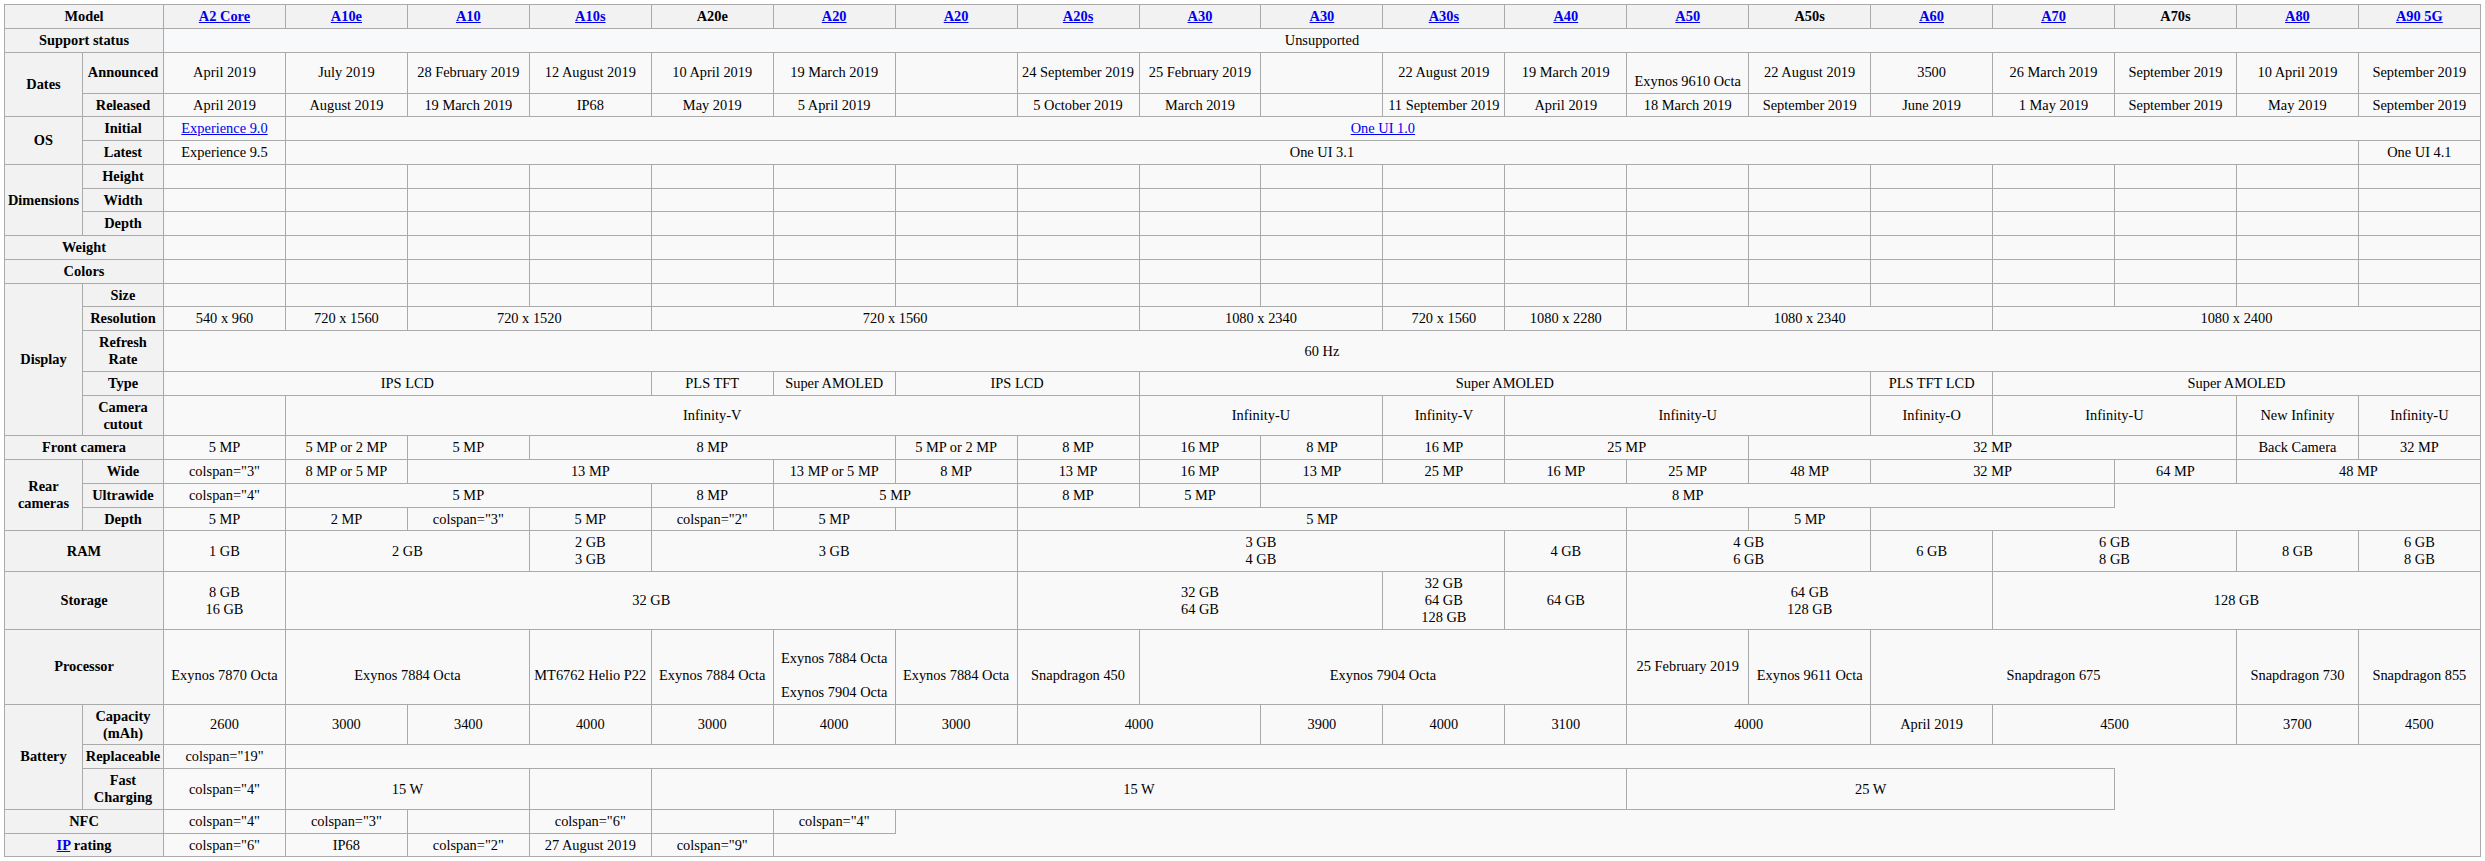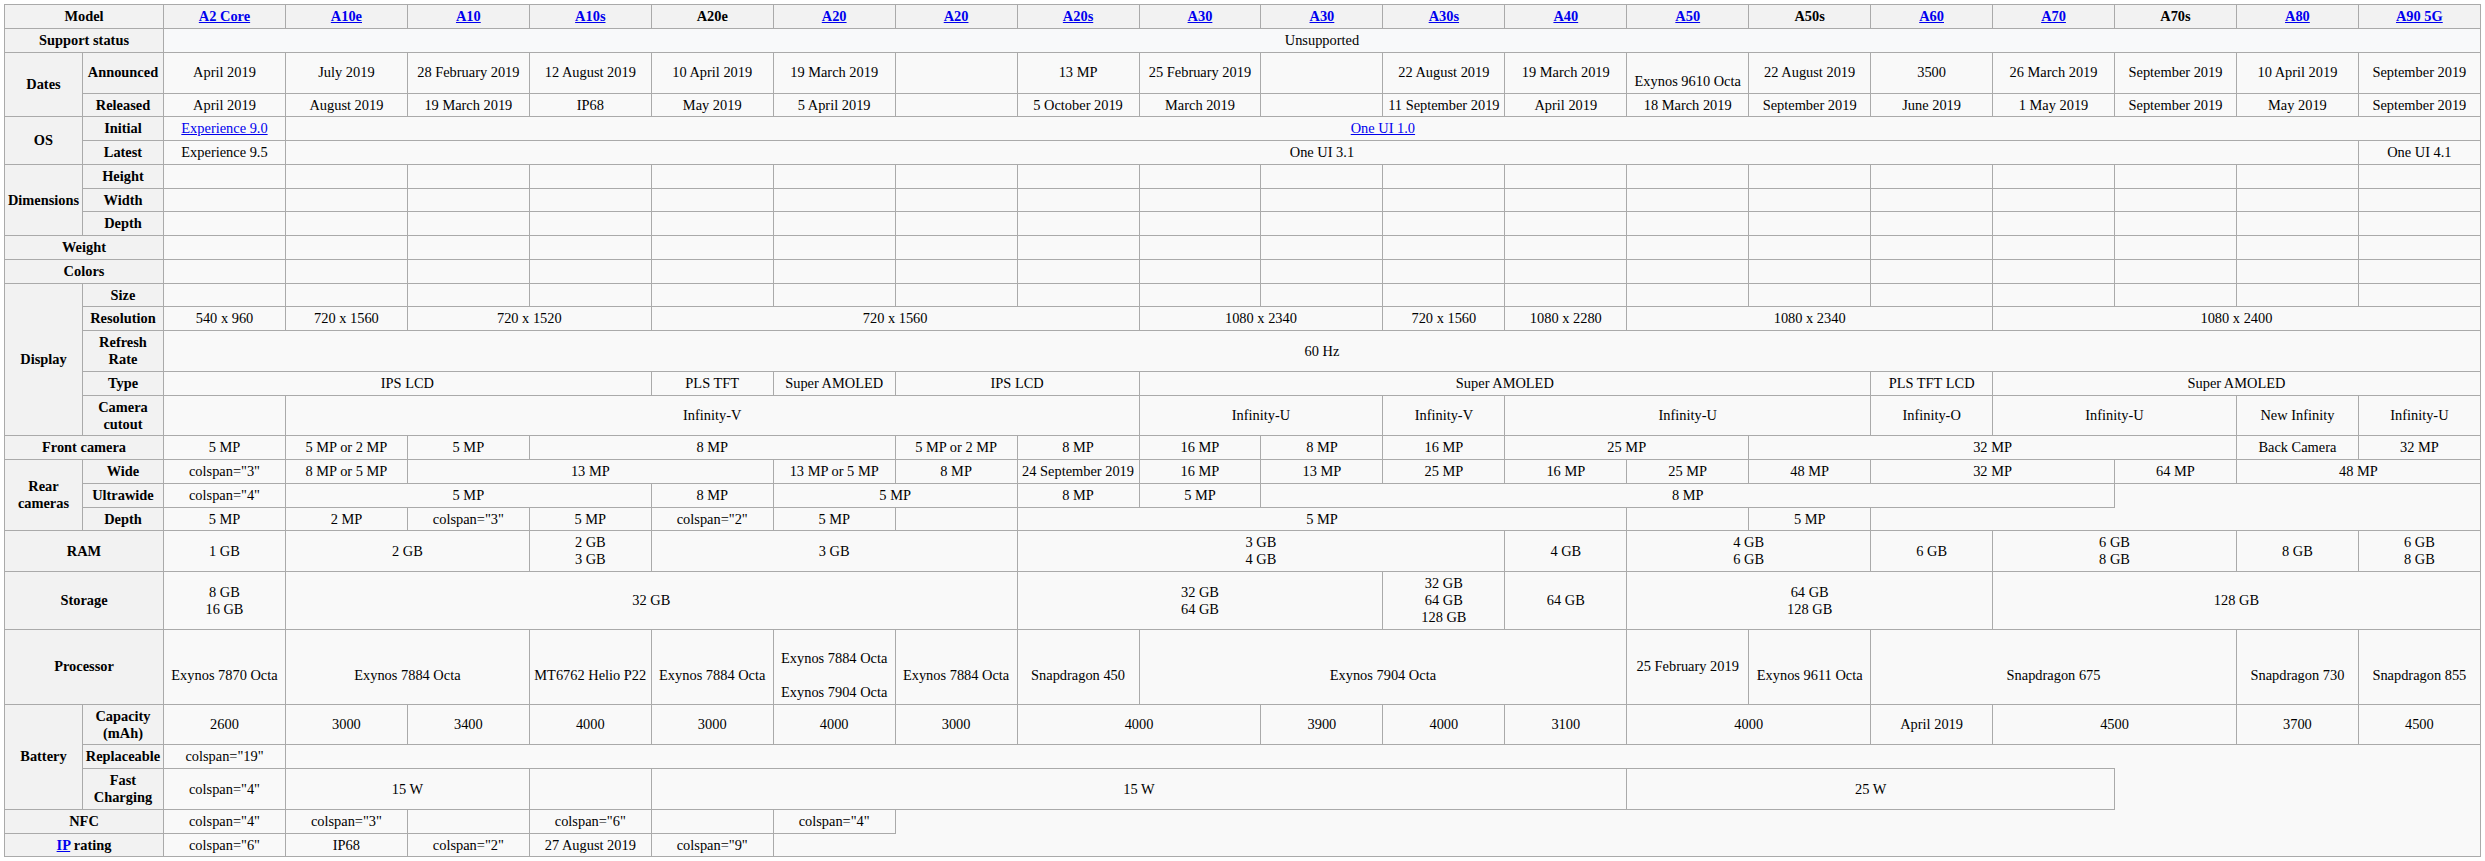 <table class="wikitable" style="text-align:center; font-size:90%;">
 <tr>
 <th colspan="2">Model</th>
 <th style="min-width: 8em"><a href='#'>A2 Core</a></th>
 <th style="min-width: 8em"><a href='#'>A10e</a></th>
 <th style="min-width: 8em"><a href='#'>A10</a></th>
 <th style="min-width: 8em"><a href='#'>A10s</a></th>
 <th style="min-width: 8em">A20e</th>
 <th style="min-width: 8em"><a href='#'>A20</a></th>
 <th style="min-width: 8em"><a href='#'>A20</a><br></th>
 <th style="min-width: 8em"><a href='#'>A20s</a></th>
 <th style="min-width: 8em"><a href='#'>A30</a></th>
 <th style="min-width: 8em"><a href='#'>A30</a><br></th>
 <th style="min-width: 8em"><a href='#'>A30s</a></th>
 <th style="min-width: 8em"><a href='#'>A40</a></th>
 <th style="min-width: 8em"><a href='#'>A50</a></th>
 <th style="min-width: 8em">A50s</th>
 <th style="min-width: 8em"><a href='#'>A60</a></th>
 <th style="min-width: 8em"><a href='#'>A70</a></th>
 <th style="min-width: 8em">A70s</th>
 <th style="min-width: 8em"><a href='#'>A80</a></th>
 <th style="min-width: 8em"><a href='#'>A90 5G</a></th>
 </tr>
 <tr>
 <th colspan="2">Support status</th>
 <td style="background:#f8f9fa" colspan="19">Unsupported</td>
 </tr>
 <tr>
 <th rowspan="2">Dates</th>
 <th>Announced</th>
 <td>April 2019</td>
 <td>July 2019</td>
 <td>28 February 2019</td>
 <td>12 August 2019</td>
 <td>10 April 2019</td>
 <td>19 March 2019</td>
 <td></td>
-<td>24 September 2019</td>
+<td>13 MP</td>
 <td>25 February 2019</td>
 <td></td>
 <td>22 August 2019</td>
 <td>19 March 2019</td>
 <td><br>Exynos 9610 Octa</td>
 <td>22 August 2019</td>
 <td>3500</td>
 <td>26 March 2019</td>
 <td>September 2019</td>
 <td>10 April 2019</td>
 <td>September 2019</td>
 </tr>
 <tr>
 <th>Released</th>
 <td>April 2019</td>
 <td>August 2019</td>
 <td>19 March 2019</td>
 <td>IP68</td>
 <td>May 2019</td>
 <td>5 April 2019</td>
 <td></td>
 <td>5 October 2019</td>
 <td>March 2019</td>
 <td></td>
 <td>11 September 2019</td>
 <td>April 2019</td>
 <td>18 March 2019</td>
 <td>September 2019</td>
 <td>June 2019</td>
 <td>1 May 2019</td>
 <td>September 2019</td>
 <td>May 2019</td>
 <td>September 2019</td>
 </tr>
 <tr>
 <th rowspan="2">OS</th>
 <th>Initial</th>
 <td><a href='#'>Experience 9.0</a><br></td>
 <td colspan="18"><a href='#'>One UI 1.0</a><br></td>
 </tr>
 <tr>
 <th>Latest</th>
 <td>Experience 9.5<br></td>
 <td colspan="17">One UI 3.1<br></td>
 <td>One UI 4.1<br></td>
 </tr>
 <tr>
 <th rowspan="3">Dimensions<br></th>
 <th>Height</th>
 <td></td>
 <td></td>
 <td></td>
 <td></td>
 <td></td>
 <td></td>
 <td></td>
 <td></td>
 <td></td>
 <td></td>
 <td></td>
 <td></td>
 <td></td>
 <td></td>
 <td></td>
 <td></td>
 <td></td>
 <td></td>
 <td></td>
 </tr>
 <tr>
 <th>Width</th>
 <td></td>
 <td></td>
 <td></td>
 <td></td>
 <td></td>
 <td></td>
 <td></td>
 <td></td>
 <td></td>
 <td></td>
 <td></td>
 <td></td>
 <td></td>
 <td></td>
 <td></td>
 <td></td>
 <td></td>
 <td></td>
 <td></td>
 </tr>
 <tr>
 <th>Depth</th>
 <td></td>
 <td></td>
 <td></td>
 <td></td>
 <td></td>
 <td></td>
 <td></td>
 <td></td>
 <td></td>
 <td></td>
 <td></td>
 <td></td>
 <td></td>
 <td></td>
 <td></td>
 <td></td>
 <td></td>
 <td></td>
 <td></td>
 </tr>
 <tr>
 <th colspan="2">Weight<br></th>
 <td></td>
 <td></td>
 <td></td>
 <td></td>
 <td></td>
 <td></td>
 <td></td>
 <td></td>
 <td></td>
 <td></td>
 <td></td>
 <td></td>
 <td></td>
 <td></td>
 <td></td>
 <td></td>
 <td></td>
 <td></td>
 <td></td>
 </tr>
 <tr>
 <th colspan="2">Colors</th>
 <td>   </td>
 <td></td>
 <td>   </td>
 <td>   </td>
 <td>   </td>
 <td>    </td>
 <td>  </td>
 <td>   </td>
 <td>   </td>
 <td></td>
 <td>   </td>
 <td>   </td>
 <td>   </td>
 <td>   </td>
 <td>     </td>
 <td>   </td>
 <td>  </td>
 <td>  </td>
 <td> </td>
 </tr>
 <tr>
 <th rowspan="5">Display</th>
 <th>Size</th>
 <td></td>
 <td></td>
 <td></td>
 <td></td>
 <td></td>
 <td></td>
 <td></td>
 <td></td>
 <td></td>
 <td></td>
 <td></td>
 <td></td>
 <td></td>
 <td></td>
 <td></td>
 <td></td>
 <td></td>
 <td></td>
 <td></td>
 </tr>
 <tr>
 <th>Resolution</th>
 <td>540 x 960</td>
 <td>720 x 1560</td>
 <td colspan="2">720 x 1520</td>
 <td colspan="4">720 x 1560</td>
 <td colspan="2">1080 x 2340</td>
 <td>720 x 1560</td>
 <td>1080 x 2280</td>
 <td colspan="3">1080 x 2340</td>
 <td colspan="4">1080 x 2400</td>
 </tr>
 <tr>
 <th>Refresh Rate</th>
 <td colspan="19">60 Hz</td>
 </tr>
 <tr>
 <th>Type</th>
 <td colspan="4">IPS LCD</td>
 <td>PLS TFT</td>
 <td>Super AMOLED</td>
 <td colspan="2">IPS LCD</td>
 <td colspan="6">Super AMOLED</td>
 <td>PLS TFT LCD</td>
 <td colspan="4">Super AMOLED</td>
 </tr>
 <tr>
 <th>Camera cutout</th>
 <td></td>
 <td colspan="7">Infinity-V</td>
 <td colspan="2">Infinity-U</td>
 <td>Infinity-V</td>
 <td colspan="3">Infinity-U</td>
 <td>Infinity-O</td>
 <td colspan="2">Infinity-U</td>
 <td>New Infinity</td>
 <td>Infinity-U</td>
 </tr>
 <tr>
 <th colspan="2">Front camera</th>
 <td>5 MP</td>
 <td>5 MP or 2 MP</td>
 <td>5 MP</td>
 <td colspan="3">8 MP</td>
 <td>5 MP or 2 MP</td>
 <td>8 MP</td>
 <td>16 MP</td>
 <td>8 MP</td>
 <td>16 MP</td>
 <td colspan="2">25 MP</td>
 <td colspan="4">32 MP</td>
 <td>Back Camera</td>
 <td>32 MP</td>
 </tr>
 <tr>
 <th rowspan="3">Rear cameras</th>
 <th>Wide</th>
 <td>colspan="3" </td>
 <td>8 MP or 5 MP</td>
 <td colspan="3">13 MP</td>
 <td>13 MP or 5 MP</td>
 <td>8 MP</td>
-<td>13 MP</td>
+<td>24 September 2019</td>
 <td>16 MP</td>
 <td>13 MP</td>
 <td>25 MP</td>
 <td>16 MP</td>
 <td>25 MP</td>
 <td>48 MP</td>
 <td colspan="2">32 MP</td>
 <td>64 MP</td>
 <td colspan="2">48 MP</td>
 </tr>
 <tr>
 <th>Ultrawide</th>
 <td>colspan="4" </td>
 <td colspan="3">5 MP</td>
 <td>8 MP</td>
 <td colspan="2">5 MP</td>
 <td>8 MP</td>
 <td>5 MP</td>
 <td colspan="7">8 MP</td>
 </tr>
 <tr>
 <th>Depth</th>
 <td>5 MP</td>
 <td>2 MP</td>
 <td>colspan="3" </td>
 <td>5 MP</td>
 <td>colspan="2" </td>
 <td>5 MP</td>
 <td></td>
 <td colspan="5">5 MP</td>
 <td></td>
 <td>5 MP</td>
 </tr>
 <tr>
 <th colspan="2">RAM</th>
 <td>1 GB</td>
 <td colspan="2">2 GB</td>
 <td>2 GB<br>3 GB</td>
 <td colspan="3">3 GB</td>
 <td colspan="4">3 GB<br>4 GB</td>
 <td>4 GB</td>
 <td colspan="2">4 GB<br>6 GB</td>
 <td>6 GB</td>
 <td colspan="2">6 GB<br>8 GB</td>
 <td>8 GB</td>
 <td>6 GB<br>8 GB</td>
 </tr>
 <tr>
 <th colspan="2">Storage</th>
 <td>8 GB<br>16 GB</td>
 <td colspan="6">32 GB</td>
 <td colspan="3">32 GB<br>64 GB</td>
 <td>32 GB<br>64 GB<br>128 GB</td>
 <td>64 GB</td>
 <td colspan="3">64 GB<br>128 GB</td>
 <td colspan="4">128 GB</td>
 </tr>
 <tr>
 <th colspan="2">Processor</th>
 <td><br>Exynos 7870 Octa</td>
 <td colspan="2"><br>Exynos 7884 Octa</td>
 <td><br>MT6762 Helio P22</td>
 <td><br>Exynos 7884 Octa</td>
 <td><br>Exynos 7884 Octa<br><br>Exynos 7904 Octa</td>
 <td><br>Exynos 7884 Octa</td>
 <td><br>Snapdragon 450</td>
 <td colspan="4"><br>Exynos 7904 Octa</td>
 <td>25 February 2019</td>
 <td><br>Exynos 9611 Octa</td>
 <td colspan="3"><br>Snapdragon 675</td>
 <td><br>Snapdragon 730</td>
 <td><br>Snapdragon 855</td>
 </tr>
 <tr>
 <th rowspan="3">Battery</th>
 <th>Capacity (mAh)</th>
 <td>2600</td>
 <td>3000</td>
 <td>3400</td>
 <td>4000</td>
 <td>3000</td>
 <td>4000</td>
 <td>3000</td>
 <td colspan="2">4000</td>
 <td>3900</td>
 <td>4000</td>
 <td>3100</td>
 <td colspan="2">4000</td>
 <td>April 2019</td>
 <td colspan="2">4500</td>
 <td>3700</td>
 <td>4500</td>
 </tr>
 <tr>
 <th>Replaceable</th>
 <td>colspan="19" </td>
 </tr>
 <tr>
 <th>Fast Charging</th>
 <td>colspan="4" </td>
 <td colspan="2">15 W</td>
 <td></td>
 <td colspan="8">15 W</td>
 <td colspan="4">25 W</td>
 </tr>
 <tr>
 <th colspan="2">NFC</th>
 <td>colspan="4" </td>
 <td>colspan="3" </td>
 <td></td>
 <td>colspan="6" </td>
 <td></td>
 <td>colspan="4" </td>
 </tr>
 <tr>
 <th colspan="2"><a href='#'>IP</a> rating</th>
 <td>colspan="6" </td>
 <td>IP68</td>
 <td>colspan="2" </td>
 <td>27 August 2019</td>
 <td>colspan="9" </td>
 </tr>
 </table>
